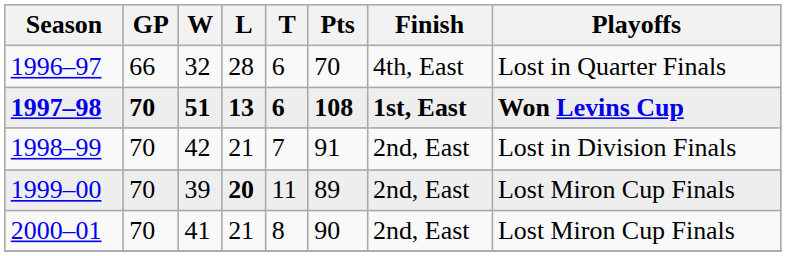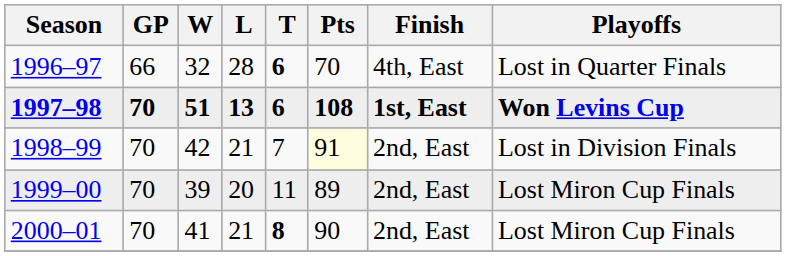 <table class="wikitable" width="480px">
 <tr>
 <th>Season</th>
 <th>GP</th>
 <th>W</th>
 <th>L</th>
 <th>T</th>
 <th>Pts</th>
 <th>Finish</th>
 <th>Playoffs</th>
 </tr>
 <tr>
 <td><a href='#'>1996–97</a></td>
 <td>66</td>
 <td>32</td>
 <td>28</td>
-<td>6</td>
+<td><strong>6</strong></td>
 <td>70</td>
 <td>4th, East</td>
 <td>Lost in Quarter Finals</td>
 </tr>
 <tr style="font-weight:bold; background-color:#eeeeee">
 <td><a href='#'>1997–98</a></td>
 <td>70</td>
 <td>51</td>
 <td>13</td>
 <td>6</td>
 <td>108</td>
 <td>1st, East</td>
 <td>Won <a href='#'>Levins Cup</a></td>
 </tr>
 <tr>
 <td><a href='#'>1998–99</a></td>
 <td>70</td>
 <td>42</td>
 <td>21</td>
 <td>7</td>
-<td>91</td>
+<td style="background: lightyellow;">91</td>
 <td>2nd, East</td>
 <td>Lost in Division Finals</td>
 </tr>
 <tr bgcolor="#eeeeee">
 <td><a href='#'>1999–00</a></td>
 <td>70</td>
 <td>39</td>
-<td><strong>20</strong></td>
+<td>20</td>
 <td>11</td>
 <td>89</td>
 <td>2nd, East</td>
 <td>Lost Miron Cup Finals</td>
 </tr>
 <tr>
 <td><a href='#'>2000–01</a></td>
 <td>70</td>
 <td>41</td>
 <td>21</td>
-<td>8</td>
+<td><strong>8</strong></td>
 <td>90</td>
 <td>2nd, East</td>
 <td>Lost Miron Cup Finals</td>
 </tr>
 <tr bgcolor="#eeeeee">
 </tr>
 </table>
